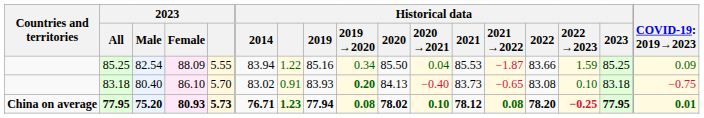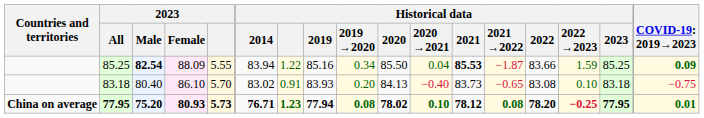 <table class="wikitable sortable mw-datatable static-row-numbers sort-under sticky-table-head sticky-table-col1 col1left col2center col3center col4center col5center col6center col8center col10center col12center col14center col16center" style=text-align:right;>
 <tr class="sortbottom static-row-header">
 <th rowspan=2 style="vertical-align:middle;">Countries and<br>territories</th>
 <th colspan=4>2023</th>
 <th colspan=11 style="border-left-width:2px;">Historical data</th>
 <th rowspan=2 style="border-left-width:2px; text-align:middle;"><br><a href='#'>COVID-19</a>:<br>2019→2023</th>
 </tr>
 <tr class="sortbottom static-row-header">
 <th style="vertical-align:middle;" class=sticky-table-none>All</th>
 <th style="vertical-align:middle;">Male</th>
 <th style="vertical-align:middle;">Female</th>
 <th style="vertical-align:middle;"></th>
 <th style="border-left-width:2px; vertical-align:middle; padding-left:1em;">2014</th>
 <th style="text-align:left;"></th>
 <th style="vertical-align:middle;">2019</th>
 <th style="text-align:left;">2019<br>→2020</th>
 <th style="vertical-align:middle;">2020</th>
 <th style="text-align:left;">2020<br>→2021</th>
 <th style="vertical-align:middle;">2021</th>
 <th style="text-align:left;">2021<br>→2022</th>
 <th style="vertical-align:middle;">2022</th>
 <th style="text-align:left;">2022<br>→2023</th>
 <th style="vertical-align:middle;">2023</th>
 </tr>
 <tr>
 <td></td>
 <td style="background:#e0ffd8;">85.25</td>
-<td style="background:#eaf3ff;">82.54</td>
+<td style="background:#eaf3ff;"><strong>82.54</strong></td>
 <td style="background:#fee7f6;">88.09</td>
 <td style="background:#fff8dc;">5.55</td>
 <td style="border-left-width:2px;padding-left:1em;">83.94</td>
 <td style="background:#fffae0;color:darkgreen;">1.22</td>
 <td>85.16</td>
 <td style="background:#fffae0;color:darkgreen;">0.34</td>
 <td>85.50</td>
 <td style="background:#fffae0;color:darkgreen;">0.04</td>
-<td>85.53</td>
+<td><strong>85.53</strong></td>
 <td style="background:#fffae0;color:crimson;">−1.87</td>
 <td>83.66</td>
 <td style="background:#fffae0;color:darkgreen;">1.59</td>
 <td style="background:#e0ffd8;">85.25</td>
-<td style="background:#fffae0;border-left-width:2px;color:darkgreen;">0.09</td>
+<td style="background:#fffae0;border-left-width:2px;color:darkgreen;"><strong>0.09</strong></td>
 </tr>
 <tr>
 <td></td>
 <td style="background:#e0ffd8;">83.18</td>
 <td style="background:#eaf3ff;">80.40</td>
 <td style="background:#fee7f6;">86.10</td>
 <td style="background:#fff8dc;">5.70</td>
 <td style="border-left-width:2px;padding-left:1em;">83.02</td>
 <td style="background:#fffae0;color:darkgreen;">0.91</td>
 <td>83.93</td>
-<td style="background:#fffae0;color:darkgreen;"><strong>0.20</strong></td>
+<td style="background:#fffae0;color:darkgreen;">0.20</td>
 <td>84.13</td>
 <td style="background:#fffae0;color:crimson;">−0.40</td>
 <td>83.73</td>
 <td style="background:#fffae0;color:crimson;">−0.65</td>
 <td>83.08</td>
 <td style="background:#fffae0;color:darkgreen;">0.10</td>
 <td style="background:#e0ffd8;">83.18</td>
 <td style="background:#fffae0;border-left-width:2px;color:crimson;">−0.75</td>
 </tr>
 <tr class=static-row-header>
 <td style="text-align:center;"><strong>China on average</strong></td>
 <td style="background:#e0ffd8;"><strong>77.95</strong></td>
 <td style="background:#eaf3ff;"><strong>75.20</strong></td>
 <td style="background:#fee7f6;"><strong>80.93</strong></td>
 <td style="background:#fff8dc;"><strong>5.73</strong></td>
 <td style="border-left-width:2px;padding-left:1em;"><strong>76.71</strong></td>
 <td style="background:#fffae0;color:darkgreen;"><strong>1.23</strong></td>
 <td><strong>77.94</strong></td>
 <td style="background:#fffae0;color:darkgreen;"><strong>0.08</strong></td>
 <td><strong>78.02</strong></td>
 <td style="background:#fffae0;color:darkgreen;"><strong>0.10</strong></td>
 <td><strong>78.12</strong></td>
 <td style="background:#fffae0;color:darkgreen;"><strong>0.08</strong></td>
 <td><strong>78.20</strong></td>
 <td style="background:#fffae0;color:crimson;"><strong>−0.25</strong></td>
 <td style="background:#e0ffd8;"><strong>77.95</strong></td>
 <td style="background:#fffae0;border-left-width:2px;color:darkgreen;"><strong>0.01</strong></td>
 </tr>
 </table>
